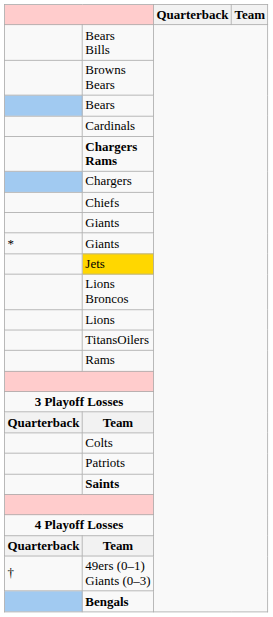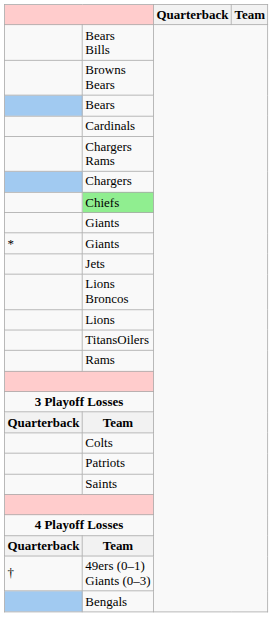 <table class="wikitable">
 <tr>
 <td style="background:  #FFCCCC;color: #FFCCCC"  colspan=2>v</td>
 <th>Quarterback</th>
 <th>Team</th>
 </tr>
 <tr>
 <td></td>
 <td>Bears <br> Bills</td>
 </tr>
 <tr>
 <td></td>
 <td>Browns<br>Bears</td>
 </tr>
 <tr>
 <td style="background:#A1CAF1"><strong></strong></td>
 <td>Bears</td>
 </tr>
 <tr>
 <td></td>
 <td>Cardinals</td>
 </tr>
 <tr>
 <td></td>
-<td><strong>Chargers<br>Rams</strong></td>
+<td>Chargers<br>Rams</td>
 </tr>
 <tr>
 <td style="background:#A1CAF1"><strong></strong></td>
 <td>Chargers</td>
 </tr>
 <tr>
 <td></td>
-<td>Chiefs</td>
+<td style="background: lightgreen;">Chiefs</td>
 </tr>
 <tr>
 <td></td>
 <td>Giants</td>
 </tr>
 <tr>
 <td>*</td>
 <td>Giants</td>
 </tr>
 <tr>
 <td></td>
-<td style="background: gold;">Jets</td>
+<td>Jets</td>
 </tr>
 <tr>
 <td></td>
 <td>Lions<br>Broncos</td>
 </tr>
 <tr>
 <td></td>
 <td>Lions</td>
 </tr>
 <tr>
 <td></td>
 <td><span>Titans</span>Oilers</td>
 </tr>
 <tr>
 <td></td>
 <td>Rams</td>
 </tr>
 <tr>
 <td style="background:  #FFCCCC;color: #FFCCCC"  colspan=2>v</td>
 </tr>
 <tr style="text-align:center">
 <td colspan=2><strong>3 Playoff Losses</strong></td>
 </tr>
 <tr>
 <th>Quarterback</th>
 <th>Team</th>
 </tr>
 <tr>
 <td></td>
 <td>Colts</td>
 </tr>
 <tr>
 <td></td>
 <td>Patriots</td>
 </tr>
 <tr>
 <td></td>
-<td><strong>Saints</strong></td>
+<td>Saints</td>
 </tr>
 <tr>
 <td style="background:  #FFCCCC;color: #FFCCCC"  colspan=2>v</td>
 </tr>
 <tr style="text-align:center">
 <td colspan=2><strong>4 Playoff Losses</strong></td>
 </tr>
 <tr>
 <th>Quarterback</th>
 <th>Team</th>
 </tr>
 <tr>
 <td>†</td>
 <td>49ers (0–1)<br> Giants (0–3)</td>
 </tr>
 <tr>
 <td style="background:#A1CAF1"><strong></strong></td>
-<td><strong>Bengals</strong></td>
+<td>Bengals</td>
 </tr>
 </table>
